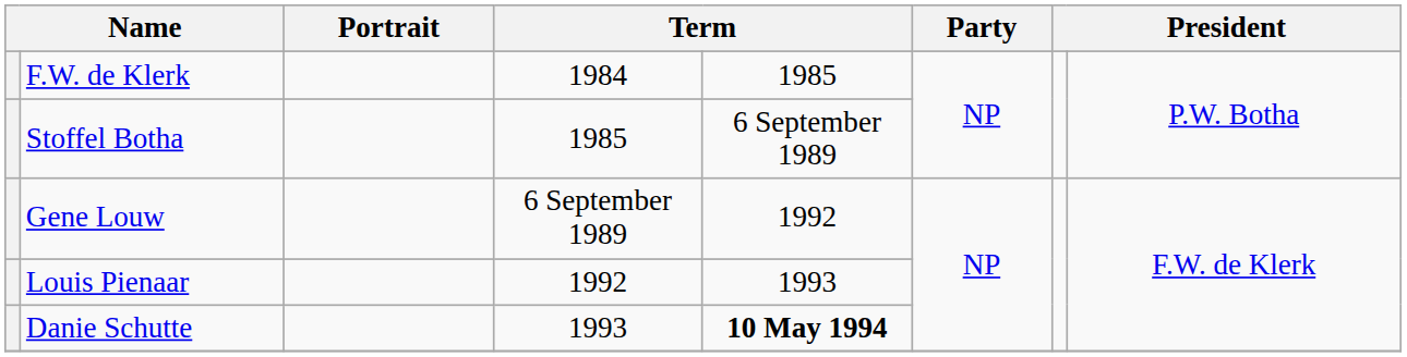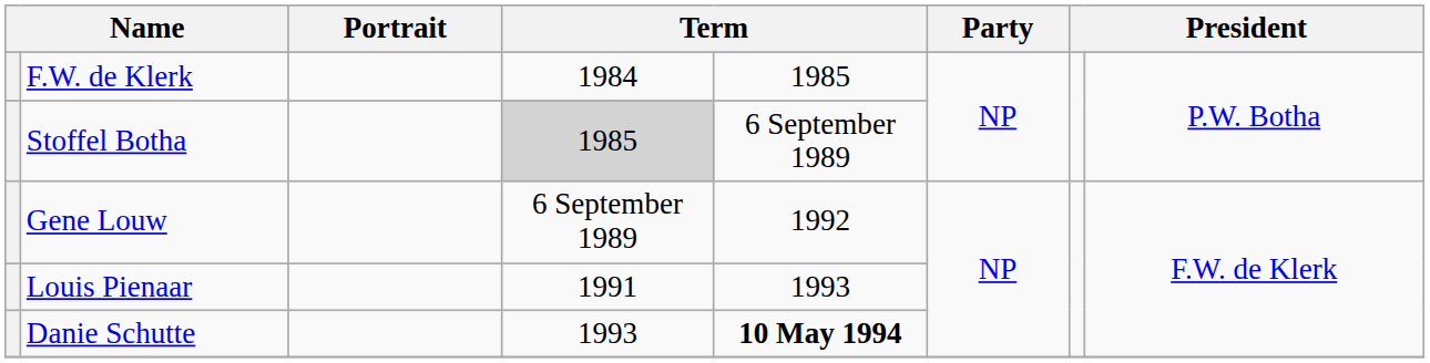 <table class="wikitable" width=60%>
 <tr>
 <th colspan=2 width=20%>Name</th>
 <th width=75>Portrait</th>
 <th colspan=2 width=30%>Term</th>
 <th width=10%>Party</th>
 <th colspan=2 width=25%>President </th>
 </tr>
 <tr style="text-align:center">
 <th style="width:1%;background-color: "></th>
 <td align=left><a href='#'>F.W. de Klerk</a></td>
 <td></td>
 <td>1984</td>
 <td>1985</td>
 <td rowspan=2><a href='#'>NP</a></td>
 <td rowspan=2 style="width:1%;background-color: "></td>
 <td rowspan=2><a href='#'>P.W. Botha</a><br> </td>
 </tr>
 <tr style="text-align:center">
 <th style="width:1%;background-color: "></th>
 <td align=left><a href='#'>Stoffel Botha</a></td>
 <td></td>
-<td>1985</td>
+<td style="background: lightgrey;">1985</td>
 <td>6 September 1989</td>
 </tr>
 <tr style="text-align:center">
 <th style="width:1%;background-color: "></th>
 <td align=left><a href='#'>Gene Louw</a></td>
 <td></td>
 <td>6 September 1989</td>
 <td>1992</td>
 <td rowspan=3><a href='#'>NP</a></td>
 <td rowspan=3 style="width:1%;background-color: "></td>
 <td rowspan=3><a href='#'>F.W. de Klerk</a><br> </td>
 </tr>
 <tr style="text-align:center">
 <th style="width:1%;background-color: "></th>
 <td align=left><a href='#'>Louis Pienaar</a></td>
 <td></td>
-<td>1992</td>
+<td>1991</td>
 <td>1993</td>
 </tr>
 <tr style="text-align:center">
 <th style="width:1%;background-color: "></th>
 <td align=left><a href='#'>Danie Schutte</a></td>
 <td></td>
 <td>1993</td>
 <td><strong>10 May 1994</strong></td>
 </tr>
 <tr>
 </tr>
 </table>
